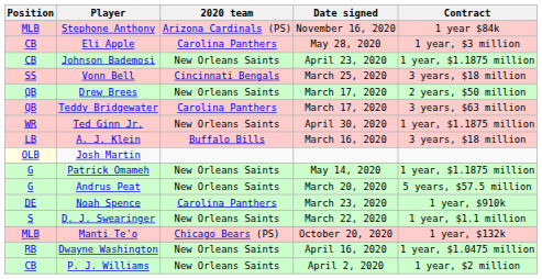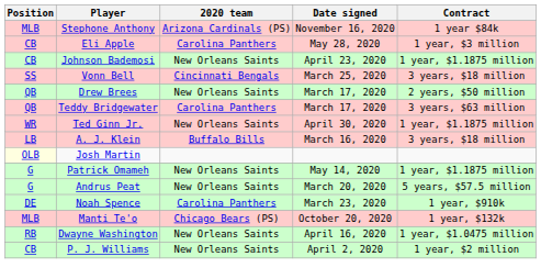 <table class="wikitable" style="text-align:center">
 <tr>
 <th>Position</th>
 <th>Player</th>
 <th>2020 team</th>
 <th>Date signed</th>
 <th>Contract</th>
 </tr>
 <tr style="background:#fcc">
 <td><a href='#'>MLB</a></td>
 <td><a href='#'>Stephone Anthony</a></td>
 <td><a href='#'>Arizona Cardinals</a> (PS)</td>
 <td>November 16, 2020</td>
 <td>1 year $84k</td>
 </tr>
 <tr style="background:#fcc">
 <td><a href='#'>CB</a></td>
 <td><a href='#'>Eli Apple</a></td>
 <td><a href='#'>Carolina Panthers</a></td>
 <td>May 28, 2020</td>
 <td>1 year, $3 million</td>
 </tr>
 <tr style="background:#cfc">
 <td><a href='#'>CB</a></td>
 <td><a href='#'>Johnson Bademosi</a></td>
 <td>New Orleans Saints</td>
 <td>April 23, 2020</td>
 <td>1 year, $1.1875 million</td>
 </tr>
 <tr style="background:#fcc">
 <td><a href='#'>SS</a></td>
 <td><a href='#'>Vonn Bell</a></td>
 <td><a href='#'>Cincinnati Bengals</a></td>
 <td>March 25, 2020</td>
 <td>3 years, $18 million</td>
 </tr>
 <tr style="background:#cfc">
 <td><a href='#'>QB</a></td>
 <td><a href='#'>Drew Brees</a></td>
 <td>New Orleans Saints</td>
 <td>March 17, 2020</td>
 <td>2 years, $50 million</td>
 </tr>
 <tr style="background:#fcc">
 <td><a href='#'>QB</a></td>
 <td><a href='#'>Teddy Bridgewater</a></td>
 <td><a href='#'>Carolina Panthers</a></td>
 <td>March 17, 2020</td>
 <td>3 years, $63 million</td>
 </tr>
 <tr style="background:#fcc">
 <td><a href='#'>WR</a></td>
 <td><a href='#'>Ted Ginn Jr.</a></td>
 <td>New Orleans Saints</td>
 <td>April 30, 2020</td>
 <td>1 year, $1.1875 million</td>
 </tr>
 <tr style="background:#fcc">
 <td><a href='#'>LB</a></td>
 <td><a href='#'>A. J. Klein</a></td>
 <td><a href='#'>Buffalo Bills</a></td>
 <td>March 16, 2020</td>
 <td>3 years, $18 million</td>
 </tr>
 <tr>
 <td style="background: lightyellow;"><a href='#'>OLB</a></td>
 <td><a href='#'>Josh Martin</a></td>
 <td></td>
 <td></td>
 <td></td>
 </tr>
 <tr style="background:#cfc">
 <td><a href='#'>G</a></td>
 <td><a href='#'>Patrick Omameh</a></td>
 <td>New Orleans Saints</td>
 <td>May 14, 2020</td>
 <td>1 year, $1.1875 million</td>
 </tr>
 <tr style="background:#cfc">
 <td><a href='#'>G</a></td>
 <td><a href='#'>Andrus Peat</a></td>
 <td>New Orleans Saints</td>
 <td>March 20, 2020</td>
 <td>5 years, $57.5 million</td>
 </tr>
 <tr style="background:#cfc">
 <td><a href='#'>DE</a></td>
 <td><a href='#'>Noah Spence</a></td>
 <td><a href='#'>Carolina Panthers</a></td>
 <td>March 23, 2020</td>
 <td>1 year, $910k</td>
 </tr>
-<tr style="background:#cfc">
-<td><a href='#'>S</a></td>
-<td><a href='#'>D. J. Swearinger</a></td>
-<td>New Orleans Saints</td>
-<td>March 22, 2020</td>
-<td>1 year, $1.1 million</td>
-</tr>
 <tr style="background:#fcc">
 <td><a href='#'>MLB</a></td>
 <td><a href='#'>Manti Te'o</a></td>
 <td><a href='#'>Chicago Bears</a> (PS)</td>
 <td>October 20, 2020</td>
 <td>1 year, $132k</td>
 </tr>
 <tr style="background:#cfc">
 <td><a href='#'>RB</a></td>
 <td><a href='#'>Dwayne Washington</a></td>
 <td>New Orleans Saints</td>
 <td>April 16, 2020</td>
 <td>1 year, $1.0475 million</td>
 </tr>
 <tr style="background:#cfc">
 <td><a href='#'>CB</a></td>
 <td><a href='#'>P. J. Williams</a></td>
 <td>New Orleans Saints</td>
 <td>April 2, 2020</td>
 <td>1 year, $2 million</td>
 </tr>
 </table>
